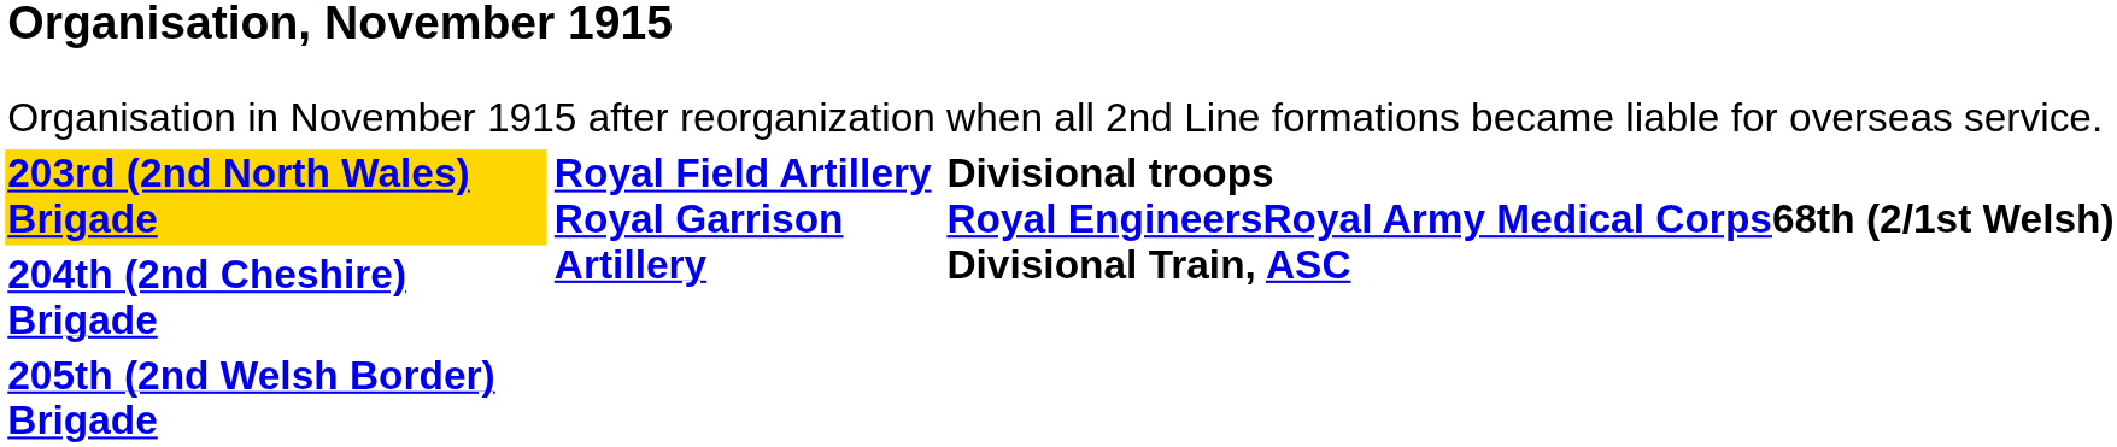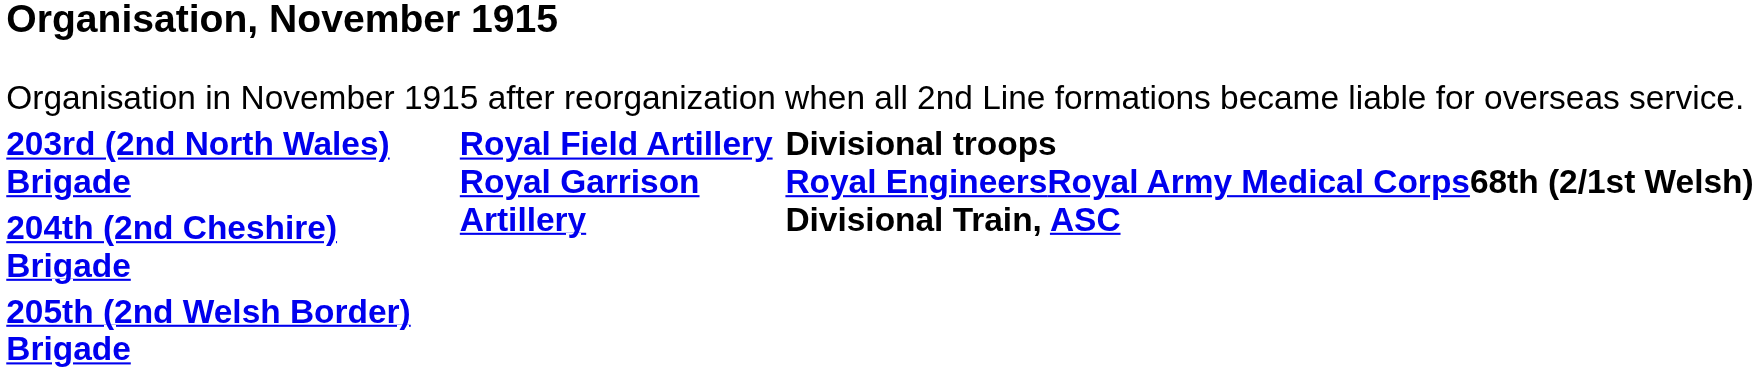 <table>
 <tr>
 <td colspan="3"><br><h3>Organisation, November 1915</h3>Organisation in November 1915 after reorganization when all 2nd Line formations became liable for overseas service.</td>
 </tr>
 <tr valign="top">
-<td style="background: gold;"><strong><a href='#'>203rd (2nd North Wales) Brigade</a></strong><br></td>
+<td><strong><a href='#'>203rd (2nd North Wales) Brigade</a></strong><br></td>
 <td rowspan=3><strong><a href='#'>Royal Field Artillery</a></strong><br><strong><a href='#'>Royal Garrison Artillery</a></strong></td>
 <td rowspan=3><strong>Divisional troops</strong><br><strong><a href='#'>Royal Engineers</a></strong><strong><a href='#'>Royal Army Medical Corps</a></strong><strong>68th (2/1st Welsh) Divisional Train, <a href='#'>ASC</a></strong></td>
 </tr>
 <tr valign="top">
 <td><strong><a href='#'>204th (2nd Cheshire) Brigade</a></strong><br></td>
 </tr>
 <tr valign="top">
 <td><strong><a href='#'>205th (2nd Welsh Border) Brigade</a></strong><br></td>
 </tr>
 <tr>
 </tr>
 </table>
